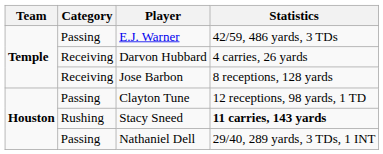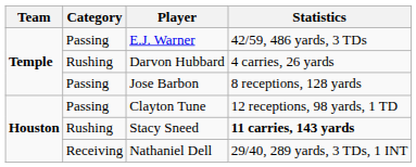 <table class="wikitable" style="float: right;">
 <tr>
 <th>Team</th>
 <th>Category</th>
 <th>Player</th>
 <th>Statistics</th>
 </tr>
 <tr>
 <td rowspan=3><strong>Temple</strong></td>
 <td>Passing</td>
 <td><a href='#'>E.J. Warner</a></td>
 <td>42/59, 486 yards, 3 TDs</td>
 </tr>
 <tr>
-<td>Receiving</td>
+<td>Rushing</td>
 <td>Darvon Hubbard</td>
 <td>4 carries, 26 yards</td>
 </tr>
 <tr>
-<td>Receiving</td>
+<td>Passing</td>
 <td>Jose Barbon</td>
 <td>8 receptions, 128 yards</td>
 </tr>
 <tr>
 <td rowspan=3><strong>Houston</strong></td>
 <td>Passing</td>
 <td>Clayton Tune</td>
 <td>12 receptions, 98 yards, 1 TD</td>
 </tr>
 <tr>
 <td>Rushing</td>
 <td>Stacy Sneed</td>
 <td><strong>11 carries, 143 yards</strong></td>
 </tr>
 <tr>
-<td>Passing</td>
+<td>Receiving</td>
 <td>Nathaniel Dell</td>
 <td>29/40, 289 yards, 3 TDs, 1 INT</td>
 </tr>
 </table>
